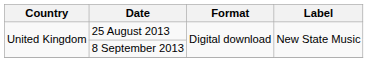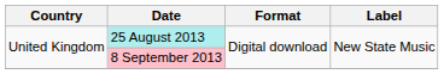 <table class="wikitable plainrowheaders">
 <tr>
 <th scope="col">Country</th>
 <th scope="col">Date</th>
 <th scope="col">Format</th>
 <th scope="col">Label</th>
 </tr>
 <tr>
 <td rowspan="2">United Kingdom</td>
-<td>25 August 2013</td>
+<td style="background: paleturquoise;">25 August 2013</td>
 <td rowspan="2">Digital download</td>
 <td rowspan="2">New State Music</td>
 </tr>
 <tr>
-<td>8 September 2013</td>
+<td style="background: pink;">8 September 2013</td>
 </tr>
 <tr>
 </tr>
 </table>
